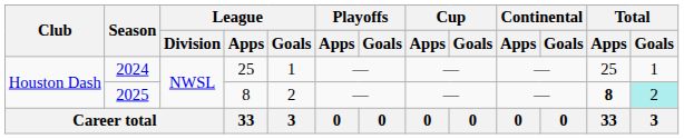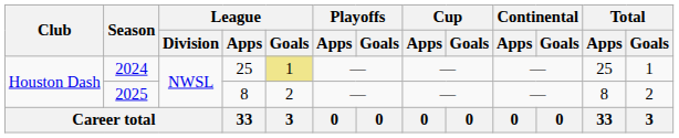 <table class="wikitable" style="text-align: center;">
 <tr>
 <th rowspan="2">Club</th>
 <th rowspan="2">Season</th>
 <th colspan="3">League</th>
 <th colspan="2">Playoffs</th>
 <th colspan="2">Cup</th>
 <th colspan="2">Continental</th>
 <th colspan="2">Total</th>
 </tr>
 <tr>
 <th>Division</th>
 <th>Apps</th>
 <th>Goals</th>
 <th>Apps</th>
 <th>Goals</th>
 <th>Apps</th>
 <th>Goals</th>
 <th>Apps</th>
 <th>Goals</th>
 <th>Apps</th>
 <th>Goals</th>
 </tr>
 <tr>
 <td rowspan="2"><a href='#'>Houston Dash</a></td>
 <td><a href='#'>2024</a></td>
 <td rowspan="2"><a href='#'>NWSL</a></td>
 <td>25</td>
-<td>1</td>
+<td style="background: khaki;">1</td>
 <td colspan="2">—</td>
 <td colspan="2">—</td>
 <td colspan="2">—</td>
 <td>25</td>
 <td>1</td>
 </tr>
 <tr>
 <td><a href='#'>2025</a></td>
 <td>8</td>
 <td>2</td>
 <td colspan="2">—</td>
 <td colspan="2">—</td>
 <td colspan="2">—</td>
-<td><strong>8</strong></td>
-<td style="background: paleturquoise;">2</td>
+<td>8</td>
+<td>2</td>
 </tr>
 <tr>
 <th colspan="3">Career total</th>
 <th>33</th>
 <th>3</th>
 <th>0</th>
 <th>0</th>
 <th>0</th>
 <th>0</th>
 <th>0</th>
 <th>0</th>
 <th>33</th>
 <th>3</th>
 </tr>
 </table>
